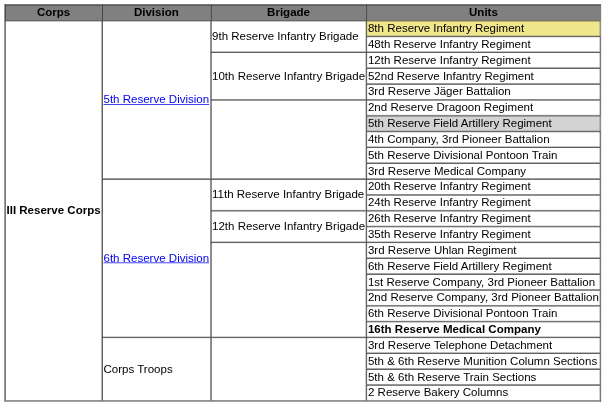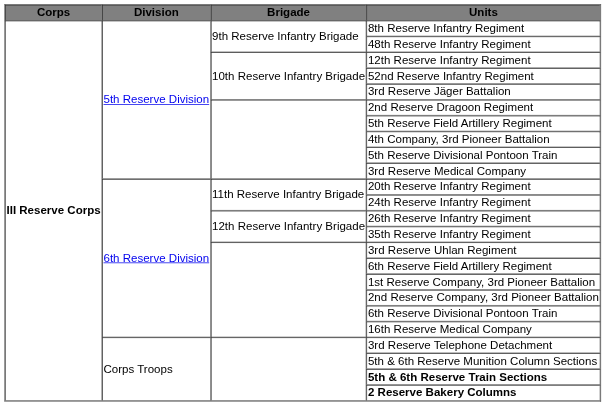 <table style="float: right;" border="1" cellpadding="1" cellspacing="0" style="font-size: 100%; border: gray solid 1px; border-collapse: collapse; text-align: center;">
 <tr style="background-color:grey; color:black;">
 <th>Corps</th>
 <th>Division</th>
 <th>Brigade</th>
 <th>Units</th>
 </tr>
 <tr>
 <td ROWSPAN=24><strong>III Reserve Corps</strong></td>
 <td ROWSPAN=10><a href='#'>5th Reserve Division</a></td>
 <td ROWSPAN=2>9th Reserve Infantry Brigade</td>
-<td style="background: khaki;">8th Reserve Infantry Regiment</td>
+<td>8th Reserve Infantry Regiment</td>
 </tr>
 <tr>
 <td>48th Reserve Infantry Regiment</td>
 </tr>
 <tr>
 <td ROWSPAN=3>10th Reserve Infantry Brigade</td>
 <td>12th Reserve Infantry Regiment</td>
 </tr>
 <tr>
 <td>52nd Reserve Infantry Regiment</td>
 </tr>
 <tr>
 <td>3rd Reserve Jäger Battalion</td>
 </tr>
 <tr>
 <td ROWSPAN=5></td>
 <td>2nd Reserve Dragoon Regiment</td>
 </tr>
 <tr>
-<td style="background: lightgrey;">5th Reserve Field Artillery Regiment</td>
+<td>5th Reserve Field Artillery Regiment</td>
 </tr>
 <tr>
 <td>4th Company, 3rd Pioneer Battalion</td>
 </tr>
 <tr>
 <td>5th Reserve Divisional Pontoon Train</td>
 </tr>
 <tr>
 <td>3rd Reserve Medical Company</td>
 </tr>
 <tr>
 <td ROWSPAN=10><a href='#'>6th Reserve Division</a></td>
 <td ROWSPAN=2>11th Reserve Infantry Brigade</td>
 <td>20th Reserve Infantry Regiment</td>
 </tr>
 <tr>
 <td>24th Reserve Infantry Regiment</td>
 </tr>
 <tr>
 <td ROWSPAN=2>12th Reserve Infantry Brigade</td>
 <td>26th Reserve Infantry Regiment</td>
 </tr>
 <tr>
 <td>35th Reserve Infantry Regiment</td>
 </tr>
 <tr>
 <td ROWSPAN=6></td>
 <td>3rd Reserve Uhlan Regiment</td>
 </tr>
 <tr>
 <td>6th Reserve Field Artillery Regiment</td>
 </tr>
 <tr>
 <td>1st Reserve Company, 3rd Pioneer Battalion</td>
 </tr>
 <tr>
 <td>2nd Reserve Company, 3rd Pioneer Battalion</td>
 </tr>
 <tr>
 <td>6th Reserve Divisional Pontoon Train</td>
 </tr>
 <tr>
-<td><strong>16th Reserve Medical Company</strong></td>
+<td>16th Reserve Medical Company</td>
 </tr>
 <tr>
 <td ROWSPAN=4>Corps Troops</td>
 <td ROWSPAN=4></td>
 <td>3rd Reserve Telephone Detachment</td>
 </tr>
 <tr>
 <td>5th & 6th Reserve Munition Column Sections</td>
 </tr>
 <tr>
-<td>5th & 6th Reserve Train Sections</td>
+<td><strong>5th & 6th Reserve Train Sections</strong></td>
 </tr>
 <tr>
-<td>2 Reserve Bakery Columns</td>
+<td><strong>2 Reserve Bakery Columns</strong></td>
 </tr>
 </table>
